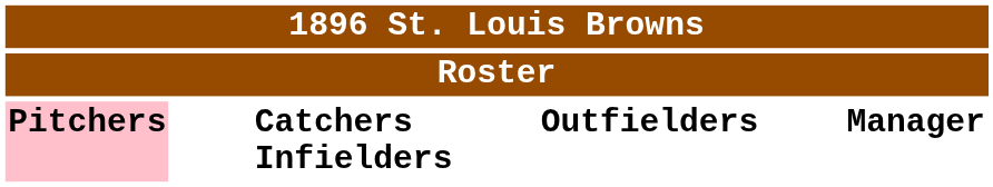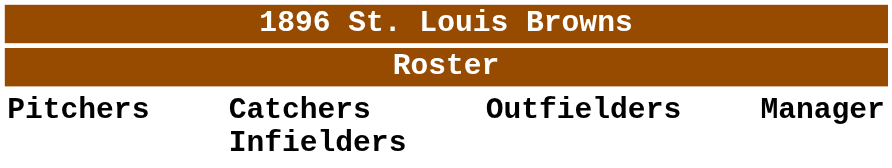 <table class="toccolours" style="font-size: 95%;">
 <tr>
 <th colspan="10" style="background-color: #964B00; color: white; text-align: center;">1896 St. Louis Browns</th>
 </tr>
 <tr>
 <td colspan="10" style="background-color: #964B00; color: white; text-align: center;"><strong>Roster</strong></td>
 </tr>
 <tr>
-<td valign="top" style="background: pink;"><strong>Pitchers</strong><br>     </td>
+<td valign="top"><strong>Pitchers</strong><br>     </td>
 <td width="25px"></td>
 <td valign="top"><strong>Catchers</strong><br>  <strong>Infielders</strong>      </td>
 <td width="25px"></td>
 <td valign="top"><strong>Outfielders</strong><br>      </td>
 <td width="25px"></td>
 <td valign="top"><strong>Manager</strong><br>    </td>
 </tr>
 </table>
